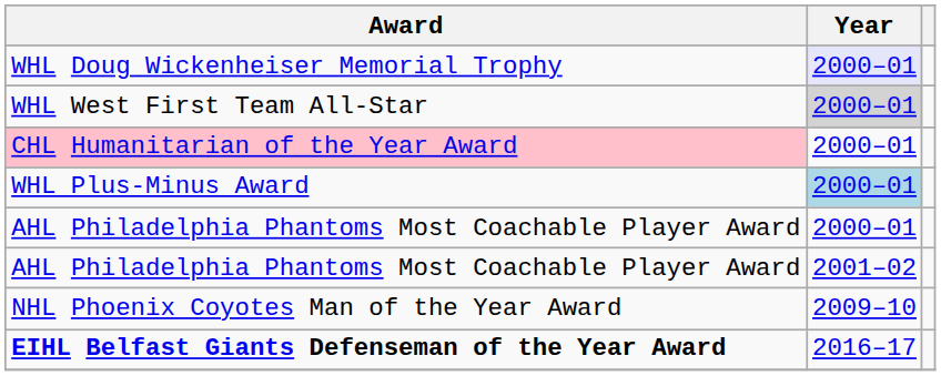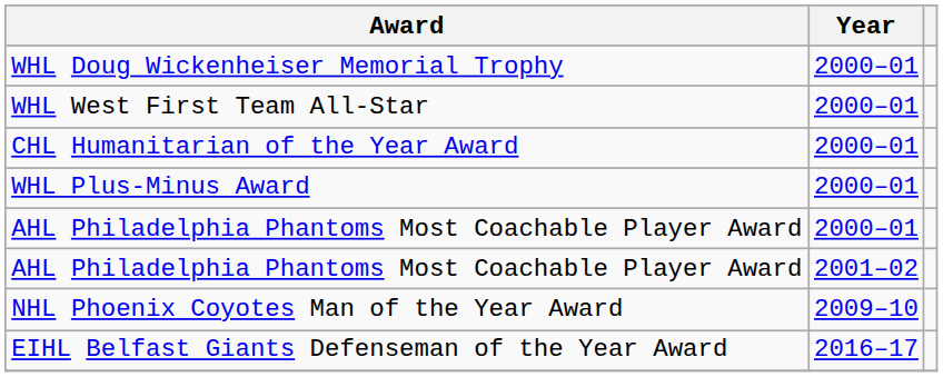 <table class="wikitable">
 <tr>
 <th>Award</th>
 <th>Year</th>
 <th></th>
 </tr>
 <tr>
 <td><a href='#'>WHL</a> <a href='#'>Doug Wickenheiser Memorial Trophy</a></td>
-<td style="background: lavender;"><a href='#'>2000–01</a></td>
+<td><a href='#'>2000–01</a></td>
 <td></td>
 </tr>
 <tr>
 <td><a href='#'>WHL</a> West First Team All-Star</td>
-<td style="background: lightgrey;"><a href='#'>2000–01</a></td>
+<td><a href='#'>2000–01</a></td>
 <td></td>
 </tr>
 <tr>
-<td style="background: pink;"><a href='#'>CHL</a> <a href='#'>Humanitarian of the Year Award</a></td>
+<td><a href='#'>CHL</a> <a href='#'>Humanitarian of the Year Award</a></td>
 <td><a href='#'>2000–01</a></td>
 <td></td>
 </tr>
 <tr>
 <td><a href='#'>WHL Plus-Minus Award</a></td>
-<td style="background: lightblue;"><a href='#'>2000–01</a></td>
+<td><a href='#'>2000–01</a></td>
 <td></td>
 </tr>
 <tr>
 <td><a href='#'>AHL</a> <a href='#'>Philadelphia Phantoms</a> Most Coachable Player Award</td>
 <td><a href='#'>2000–01</a></td>
 <td></td>
 </tr>
 <tr>
 <td><a href='#'>AHL</a> <a href='#'>Philadelphia Phantoms</a> Most Coachable Player Award</td>
 <td><a href='#'>2001–02</a></td>
 <td></td>
 </tr>
 <tr>
 <td><a href='#'>NHL</a> <a href='#'>Phoenix Coyotes</a> Man of the Year Award</td>
 <td><a href='#'>2009–10</a></td>
 <td></td>
 </tr>
 <tr>
-<td><strong><a href='#'>EIHL</a> <a href='#'>Belfast Giants</a> Defenseman of the Year Award</strong></td>
+<td><a href='#'>EIHL</a> <a href='#'>Belfast Giants</a> Defenseman of the Year Award</td>
 <td><a href='#'>2016–17</a></td>
 <td></td>
 </tr>
 <tr>
 </tr>
 </table>
